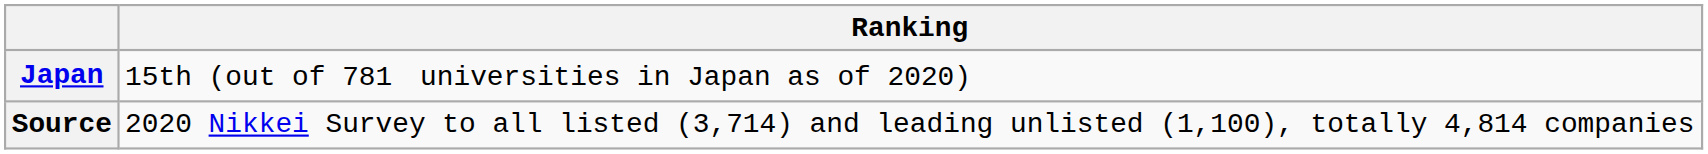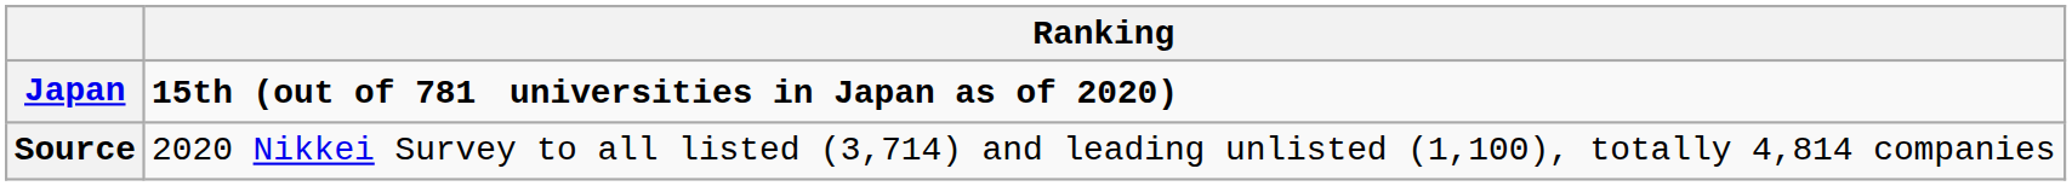 <table class="wikitable">
 <tr>
 <th></th>
 <th>Ranking</th>
 </tr>
 <tr>
 <th><a href='#'>Japan</a></th>
-<td>15th (out of 781　universities in Japan as of 2020)</td>
+<td><strong>15th (out of 781　universities in Japan as of 2020)</strong></td>
 </tr>
 <tr>
 <th>Source</th>
 <td>2020 <a href='#'>Nikkei</a> Survey to all listed (3,714) and leading unlisted (1,100), totally 4,814 companies</td>
 </tr>
 </table>
